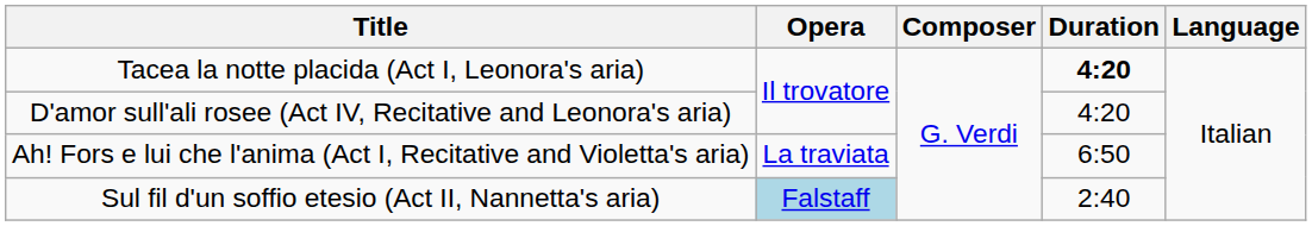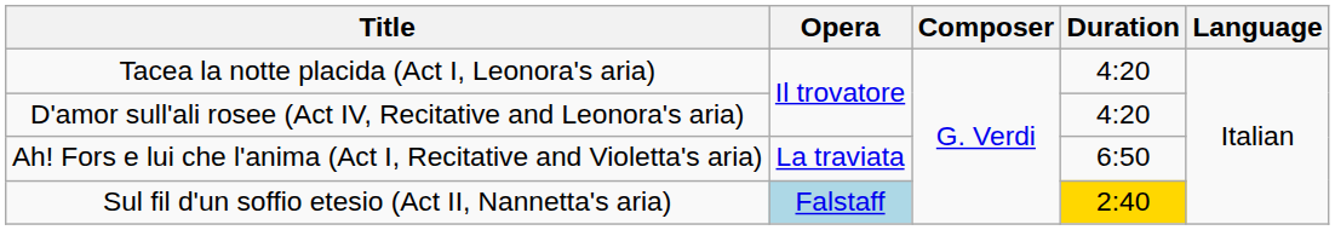 <table class="wikitable plainrowheaders" style="text-align:center;">
 <tr>
 <th rowspan="1">Title</th>
 <th>Opera</th>
 <th>Composer</th>
 <th rowspan="1">Duration</th>
 <th>Language</th>
 </tr>
 <tr>
 <td>Tacea la notte placida (Act I, Leonora's aria)</td>
 <td rowspan="2"><a href='#'>Il trovatore</a></td>
 <td rowspan="4"><a href='#'>G. Verdi</a></td>
-<td><strong>4:20</strong></td>
+<td>4:20</td>
 <td rowspan="4">Italian</td>
 </tr>
 <tr>
 <td>D'amor sull'ali rosee (Act IV, Recitative and Leonora's aria)</td>
 <td>4:20</td>
 </tr>
 <tr>
 <td>Ah! Fors e lui che l'anima (Act I, Recitative and Violetta's aria)</td>
 <td><a href='#'>La traviata</a></td>
 <td>6:50</td>
 </tr>
 <tr>
 <td>Sul fil d'un soffio etesio (Act II, Nannetta's aria)</td>
 <td style="background: lightblue;"><a href='#'>Falstaff</a></td>
-<td>2:40</td>
+<td style="background: gold;">2:40</td>
 </tr>
 </table>
